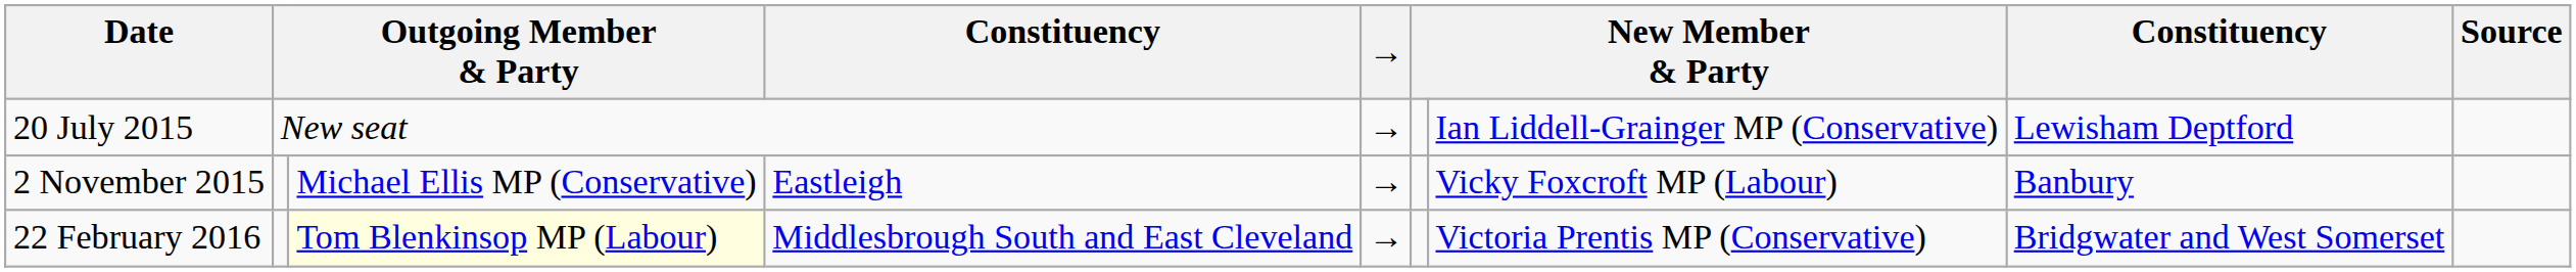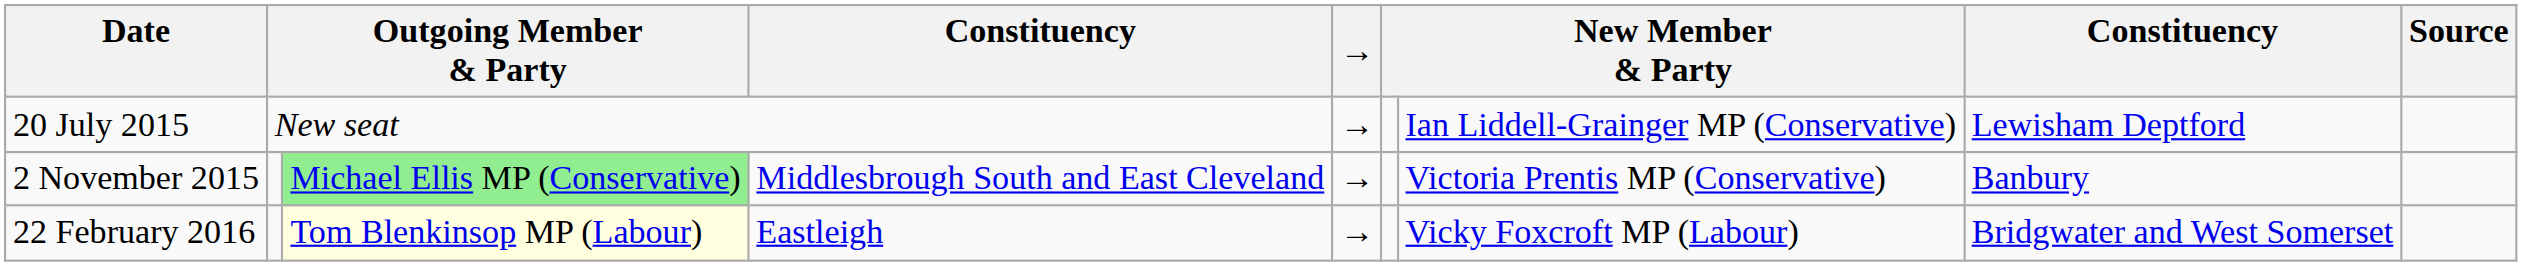 <table class="wikitable">
 <tr>
 <th valign="top">Date</th>
 <th colspan="2" valign="top">Outgoing Member<br>& Party</th>
 <th valign="top">Constituency</th>
 <th>→</th>
 <th colspan="2" valign="top">New Member<br>& Party</th>
 <th valign="top">Constituency</th>
 <th valign="top">Source</th>
 </tr>
 <tr>
 <td>20 July 2015</td>
 <td colspan=3><em>New seat</em></td>
 <td>→</td>
 <td style="color:inherit;background:"></td>
 <td><a href='#'>Ian Liddell-Grainger</a> MP (<a href='#'>Conservative</a>)</td>
 <td><a href='#'>Lewisham Deptford</a></td>
 <td></td>
 </tr>
 <tr>
 <td>2 November 2015</td>
 <td style="color:inherit;background:"></td>
-<td><a href='#'>Michael Ellis</a> MP (<a href='#'>Conservative</a>)</td>
-<td><a href='#'>Eastleigh</a></td>
+<td style="background: lightgreen;"><a href='#'>Michael Ellis</a> MP (<a href='#'>Conservative</a>)</td>
+<td><a href='#'>Middlesbrough South and East Cleveland</a></td>
 <td>→</td>
 <td style="color:inherit;background:"></td>
-<td><a href='#'>Vicky Foxcroft</a> MP (<a href='#'>Labour</a>)</td>
+<td><a href='#'>Victoria Prentis</a> MP (<a href='#'>Conservative</a>)</td>
 <td><a href='#'>Banbury</a></td>
 <td></td>
 </tr>
 <tr>
 <td>22 February 2016</td>
 <td style="color:inherit;background:"></td>
 <td style="background: lightyellow;"><a href='#'>Tom Blenkinsop</a> MP (<a href='#'>Labour</a>)</td>
-<td><a href='#'>Middlesbrough South and East Cleveland</a></td>
+<td><a href='#'>Eastleigh</a></td>
 <td>→</td>
 <td style="color:inherit;background:"></td>
-<td><a href='#'>Victoria Prentis</a> MP (<a href='#'>Conservative</a>)</td>
+<td><a href='#'>Vicky Foxcroft</a> MP (<a href='#'>Labour</a>)</td>
 <td><a href='#'>Bridgwater and West Somerset</a></td>
 <td></td>
 </tr>
 </table>
